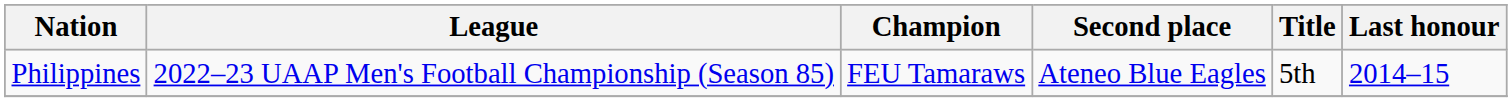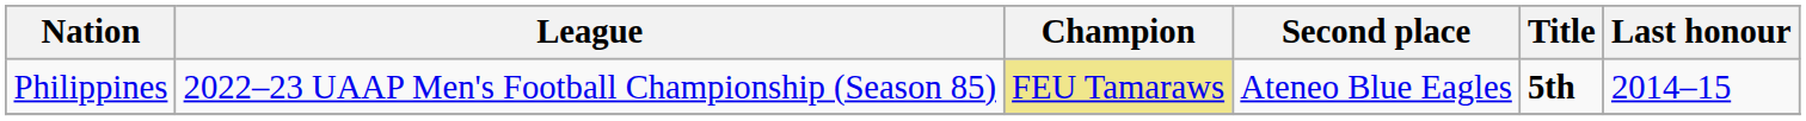 <table class="wikitable sortable">
 <tr>
 <th>Nation</th>
 <th>League</th>
 <th>Champion</th>
 <th>Second place</th>
 <th data-sort-type="number">Title</th>
 <th>Last honour</th>
 </tr>
 <tr>
 <td> <a href='#'>Philippines</a></td>
 <td><a href='#'>2022–23 UAAP Men's Football Championship (Season 85)</a></td>
-<td><a href='#'>FEU Tamaraws</a></td>
+<td style="background: khaki;"><a href='#'>FEU Tamaraws</a></td>
 <td><a href='#'>Ateneo Blue Eagles</a></td>
-<td>5th</td>
+<td><strong>5th</strong></td>
 <td><a href='#'>2014–15</a></td>
 </tr>
 <tr>
 </tr>
 </table>
